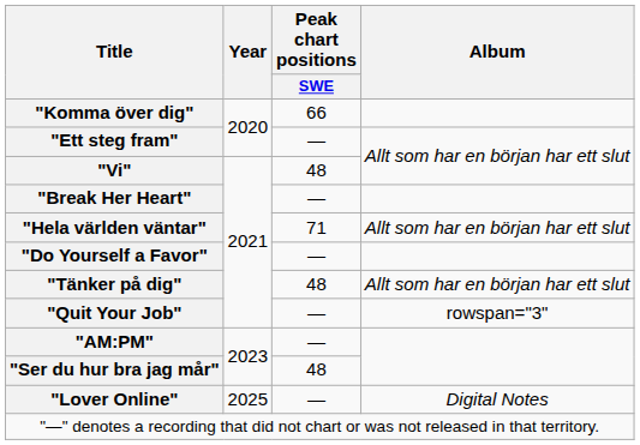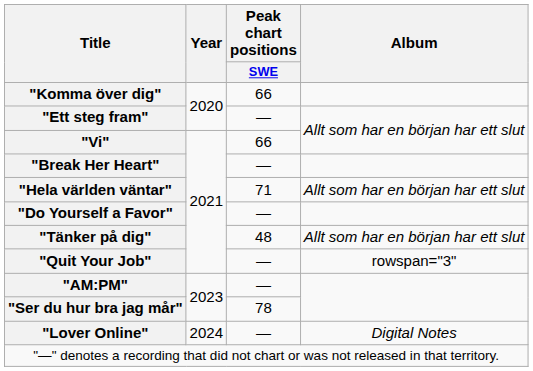 <table class="wikitable plainrowheaders" style="text-align:center;">
 <tr>
 <th scope="col" rowspan="2">Title</th>
 <th scope="col" rowspan="2">Year</th>
 <th scope="col" colspan="1">Peak chart positions</th>
 <th scope="col" rowspan="2">Album</th>
 </tr>
 <tr>
 <th scope="col" style="width:3em;font-size:85%;"><a href='#'>SWE</a><br></th>
 </tr>
 <tr>
 <th scope="row">"Komma över dig"<br></th>
 <td rowspan="2">2020</td>
 <td>66<br></td>
 <td></td>
 </tr>
 <tr>
 <th scope="row">"Ett steg fram"</th>
 <td>—</td>
 <td rowspan="2"><em>Allt som har en början har ett slut</em></td>
 </tr>
 <tr>
 <th scope="row">"Vi"</th>
 <td rowspan="6">2021</td>
-<td>48</td>
+<td>66<br></td>
 </tr>
 <tr>
 <th scope="row">"Break Her Heart"</th>
 <td>—</td>
 <td></td>
 </tr>
 <tr>
 <th scope="row">"Hela världen väntar"<br></th>
 <td>71<br></td>
 <td><em>Allt som har en början har ett slut</em></td>
 </tr>
 <tr>
 <th scope="row">"Do Yourself a Favor"</th>
 <td>—</td>
 <td></td>
 </tr>
 <tr>
 <th scope="row">"Tänker på dig"</th>
 <td>48</td>
 <td><em>Allt som har en början har ett slut</em></td>
 </tr>
 <tr>
 <th scope="row">"Quit Your Job"</th>
 <td>—</td>
 <td>rowspan="3" </td>
 </tr>
 <tr>
 <th scope="row">"AM:PM"<br></th>
 <td rowspan="2">2023</td>
 <td>—</td>
 </tr>
 <tr>
 <th scope="row">"Ser du hur bra jag mår"</th>
-<td>48</td>
+<td>78<br></td>
 </tr>
 <tr>
 <th scope="row">"Lover Online"<br></th>
-<td>2025</td>
+<td>2024</td>
 <td>—</td>
 <td><em>Digital Notes</em></td>
 </tr>
 <tr>
 <td colspan="4" style="font-size:90%">"—" denotes a recording that did not chart or was not released in that territory.</td>
 </tr>
 </table>
